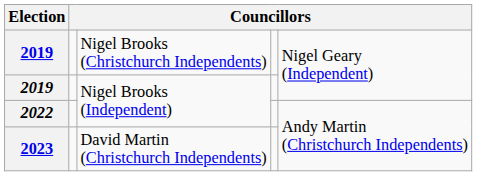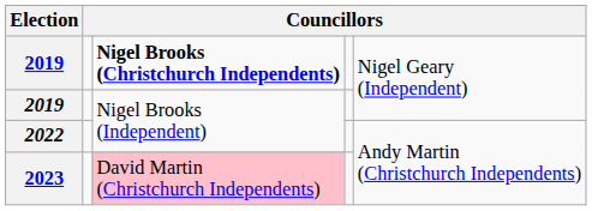 <table class="wikitable">
 <tr>
 <th>Election</th>
 <th colspan="4">Councillors</th>
 </tr>
 <tr>
 <th><a href='#'>2019</a></th>
 <td rowspan="1;" style="background-color: "></td>
-<td>Nigel Brooks<br>(<a href='#'>Christchurch Independents</a>)</td>
+<td><strong>Nigel Brooks<br>(<a href='#'>Christchurch Independents</a>)</strong></td>
 <td rowspan="1;" style="background-color: "></td>
 <td rowspan="2">Nigel Geary<br>(<a href='#'>Independent</a>)</td>
 </tr>
 <tr>
 <th><em>2019</em></th>
 <td rowspan="1;" style="background-color: "></td>
 <td rowspan="2">Nigel Brooks<br>(<a href='#'>Independent</a>)</td>
 <td rowspan="1;" style="background-color: "></td>
 </tr>
 <tr>
 <th><em>2022</em></th>
 <td rowspan="1;" style="background-color: "></td>
 <td rowspan="1;" style="background-color: "></td>
 <td rowspan="2">Andy Martin<br>(<a href='#'>Christchurch Independents</a>)</td>
 </tr>
 <tr>
 <th><a href='#'>2023</a></th>
 <td rowspan="1;" style="background-color: "></td>
-<td rowspan="1">David Martin<br>(<a href='#'>Christchurch Independents</a>)</td>
+<td rowspan="1" style="background: pink;">David Martin<br>(<a href='#'>Christchurch Independents</a>)</td>
 <td rowspan="1;" style="background-color: "></td>
 </tr>
 </table>
